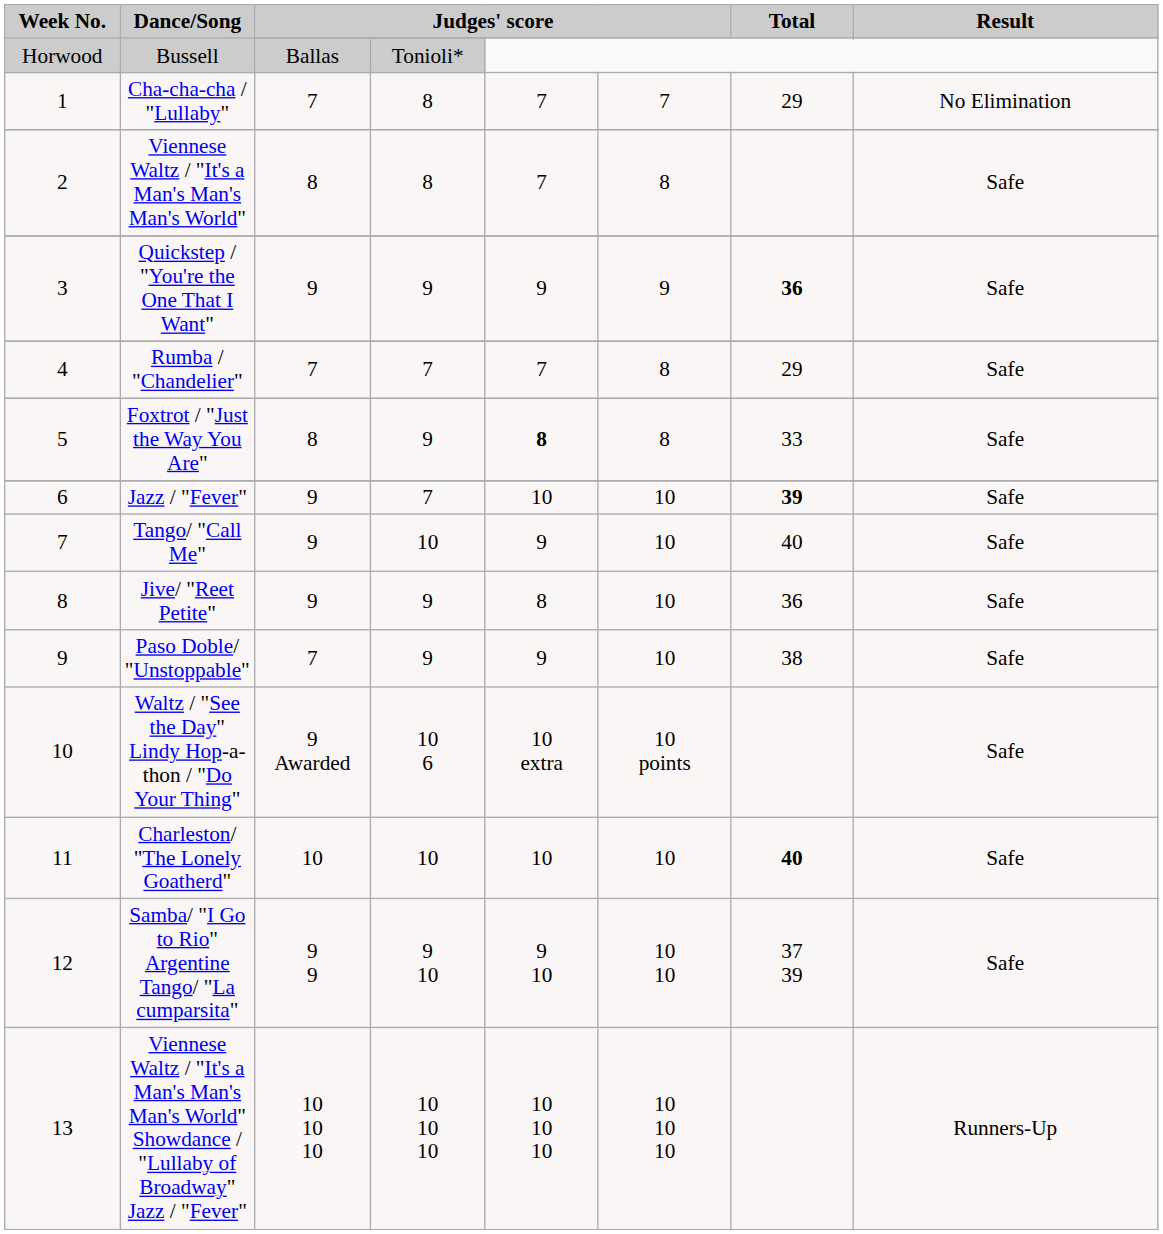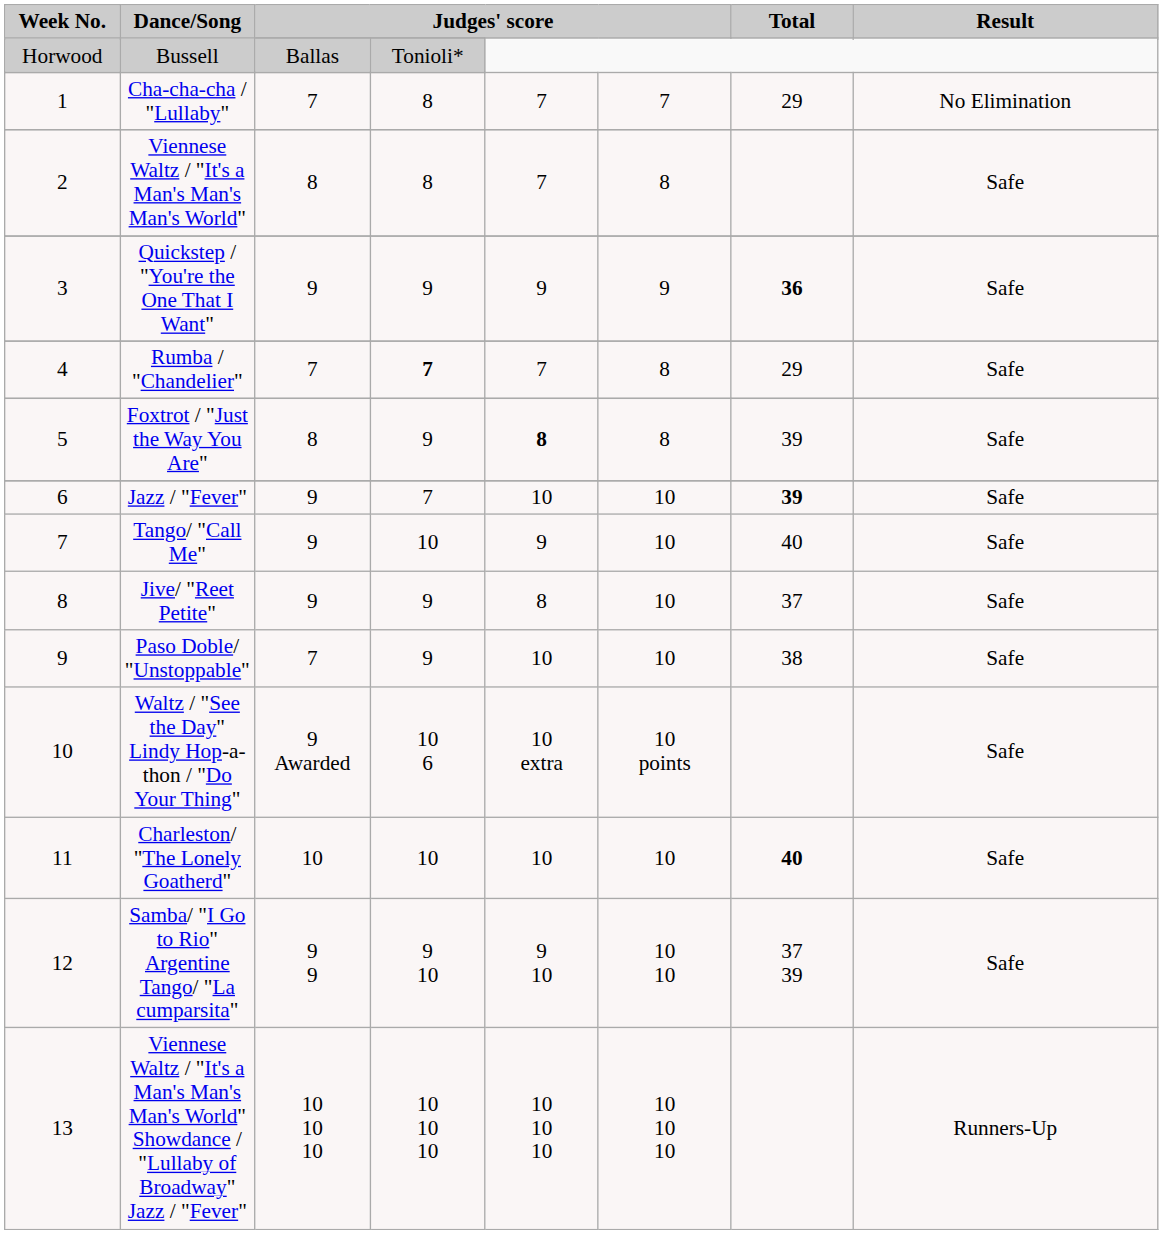 <table class="wikitable collapsible collapsed">
 <tr>
 <td rowspan="2" style="background:#CCCCCC;" align="Center"><strong>Week No.</strong></td>
 <td rowspan="2" style="background:#CCCCCC;" align="Center"><strong>Dance/Song</strong></td>
 <td colspan="4" style="background:#CCCCCC;" align="Center"><strong>Judges' score</strong></td>
 <td rowspan="2" style="background:#CCCCCC;" align="Center"><strong>Total</strong></td>
 <td rowspan="2" style="background:#CCCCCC;" align="Center"><strong>Result</strong></td>
 </tr>
 <tr>
 </tr>
 <tr>
 <td style="background:#CCCCCC;" width="10%" align="center">Horwood</td>
 <td style="background:#CCCCCC;" width="10%" align="center">Bussell</td>
 <td style="background:#CCCCCC;" width="10%" align="center">Ballas</td>
 <td style="background:#CCCCCC;" width="10%" align="center">Tonioli*</td>
 </tr>
 <tr>
 </tr>
 <tr>
 <td style="text-align:center; background:#faf6f6;">1</td>
 <td style="text-align:center; background:#faf6f6;"><a href='#'>Cha-cha-cha</a> / "<a href='#'>Lullaby</a>"</td>
 <td style="text-align:center; background:#faf6f6;">7</td>
 <td style="text-align:center; background:#faf6f6;">8</td>
 <td style="text-align:center; background:#faf6f6;">7</td>
 <td style="text-align:center; background:#faf6f6;">7</td>
 <td style="text-align:center; background:#faf6f6;">29</td>
 <td style="text-align:center; background:#faf6f6;">No Elimination</td>
 </tr>
 <tr>
 </tr>
 <tr>
 <td style="text-align:center; background:#faf6f6;">2</td>
 <td style="text-align:center; background:#faf6f6;"><a href='#'>Viennese Waltz</a> / "<a href='#'>It's a Man's Man's Man's World</a>"</td>
 <td style="text-align:center; background:#faf6f6;">8</td>
 <td style="text-align:center; background:#faf6f6;">8</td>
 <td style="text-align:center; background:#faf6f6;">7</td>
 <td style="text-align:center; background:#faf6f6;">8</td>
 <td style="text-align:center; background:#faf6f6;"></td>
 <td style="text-align:center; background:#faf6f6;">Safe</td>
 </tr>
 <tr>
 </tr>
 <tr>
 <td style="text-align:center; background:#faf6f6;">3</td>
 <td style="text-align:center; background:#faf6f6;"><a href='#'>Quickstep</a> / "<a href='#'>You're the One That I Want</a>"</td>
 <td style="text-align:center; background:#faf6f6;">9</td>
 <td style="text-align:center; background:#faf6f6;">9</td>
 <td style="text-align:center; background:#faf6f6;">9</td>
 <td style="text-align:center; background:#faf6f6;">9</td>
 <td style="text-align:center; background:#faf6f6;"><span><strong>36</strong></span></td>
 <td style="text-align:center; background:#faf6f6;">Safe</td>
 </tr>
 <tr>
 </tr>
 <tr>
 <td style="text-align:center; background:#faf6f6;">4</td>
 <td style="text-align:center; background:#faf6f6;"><a href='#'>Rumba</a> / "<a href='#'>Chandelier</a>"</td>
 <td style="text-align:center; background:#faf6f6;">7</td>
-<td style="text-align:center; background:#faf6f6;">7</td>
+<td style="text-align:center; background:#faf6f6;"><strong>7</strong></td>
 <td style="text-align:center; background:#faf6f6;">7</td>
 <td style="text-align:center; background:#faf6f6;">8</td>
 <td style="text-align:center; background:#faf6f6;">29</td>
 <td style="text-align:center; background:#faf6f6;">Safe</td>
 </tr>
 <tr>
 </tr>
 <tr>
 <td style="text-align:center; background:#faf6f6;">5</td>
 <td style="text-align:center; background:#faf6f6;"><a href='#'>Foxtrot</a> / "<a href='#'>Just the Way You Are</a>"</td>
 <td style="text-align:center; background:#faf6f6;">8</td>
 <td style="text-align:center; background:#faf6f6;">9</td>
 <td style="text-align:center; background:#faf6f6;"><strong>8</strong></td>
 <td style="text-align:center; background:#faf6f6;">8</td>
-<td style="text-align:center; background:#faf6f6;">33</td>
+<td style="text-align:center; background:#faf6f6;">39</td>
 <td style="text-align:center; background:#faf6f6;">Safe</td>
 </tr>
 <tr>
 </tr>
 <tr>
 <td style="text-align:center; background:#faf6f6;">6</td>
 <td style="text-align:center; background:#faf6f6;"><a href='#'>Jazz</a> / "<a href='#'>Fever</a>"</td>
 <td style="text-align:center; background:#faf6f6;">9</td>
 <td style="text-align:center; background:#faf6f6;">7</td>
 <td style="text-align:center; background:#faf6f6;">10</td>
 <td style="text-align:center; background:#faf6f6;">10</td>
 <td style="text-align:center; background:#faf6f6;"><span><strong>39</strong></span></td>
 <td style="text-align:center; background:#faf6f6;">Safe</td>
 </tr>
 <tr>
 <td style="text-align:center; background:#faf6f6;">7</td>
 <td style="text-align:center; background:#faf6f6;"><a href='#'>Tango</a>/ "<a href='#'>Call Me</a>"</td>
 <td style="text-align:center; background:#faf6f6;">9</td>
 <td style="text-align:center; background:#faf6f6;">10</td>
 <td style="text-align:center; background:#faf6f6;">9</td>
 <td style="text-align:center; background:#faf6f6;">10</td>
 <td style="text-align:center; background:#faf6f6;">40</td>
 <td style="text-align:center; background:#faf6f6;">Safe</td>
 </tr>
 <tr>
 <td style="text-align:center; background:#faf6f6;">8</td>
 <td style="text-align:center; background:#faf6f6;"><a href='#'>Jive</a>/ "<a href='#'>Reet Petite</a>"</td>
 <td style="text-align:center; background:#faf6f6;">9</td>
 <td style="text-align:center; background:#faf6f6;">9</td>
 <td style="text-align:center; background:#faf6f6;">8</td>
 <td style="text-align:center; background:#faf6f6;">10</td>
-<td style="text-align:center; background:#faf6f6;">36</td>
+<td style="text-align:center; background:#faf6f6;">37</td>
 <td style="text-align:center; background:#faf6f6;">Safe</td>
 </tr>
 <tr>
 <td style="text-align:center; background:#faf6f6;">9</td>
 <td style="text-align:center; background:#faf6f6;"><a href='#'>Paso Doble</a>/ "<a href='#'>Unstoppable</a>"</td>
 <td style="text-align:center; background:#faf6f6;">7</td>
 <td style="text-align:center; background:#faf6f6;">9</td>
-<td style="text-align:center; background:#faf6f6;">9</td>
+<td style="text-align:center; background:#faf6f6;">10</td>
 <td style="text-align:center; background:#faf6f6;">10</td>
 <td style="text-align:center; background:#faf6f6;">38</td>
 <td style="text-align:center; background:#faf6f6;">Safe</td>
 </tr>
 <tr style="text-align:center; |">
 <td style="text-align:center; background:#faf6f6;">10</td>
 <td style="text-align:center; background:#faf6f6;"><a href='#'>Waltz</a> / "<a href='#'>See the Day</a>"<br><a href='#'>Lindy Hop</a>-a-thon / "<a href='#'>Do Your Thing</a>"</td>
 <td style="text-align:center; background:#faf6f6;">9<br>Awarded</td>
 <td style="text-align:center; background:#faf6f6;">10<br>6</td>
 <td style="text-align:center; background:#faf6f6;">10<br>extra</td>
 <td style="text-align:center; background:#faf6f6;">10<br>points</td>
 <td style="text-align:center; background:#faf6f6;"><br></td>
 <td style="text-align:center; background:#faf6f6;">Safe</td>
 </tr>
 <tr>
 <td style="text-align:center; background:#faf6f6;">11</td>
 <td style="text-align:center; background:#faf6f6;"><a href='#'>Charleston</a>/ "<a href='#'>The Lonely Goatherd</a>"</td>
 <td style="text-align:center; background:#faf6f6;">10</td>
 <td style="text-align:center; background:#faf6f6;">10</td>
 <td style="text-align:center; background:#faf6f6;">10</td>
 <td style="text-align:center; background:#faf6f6;">10</td>
 <td style="text-align:center; background:#faf6f6;"><span><strong>40</strong></span></td>
 <td style="text-align:center; background:#faf6f6;">Safe</td>
 </tr>
 <tr>
 <td style="text-align:center; background:#faf6f6;">12</td>
 <td style="text-align:center; background:#faf6f6;"><a href='#'>Samba</a>/ "<a href='#'>I Go to Rio</a>"<br><a href='#'>Argentine Tango</a>/ "<a href='#'>La cumparsita</a>"</td>
 <td style="text-align:center; background:#faf6f6;">9<br>9</td>
 <td style="text-align:center; background:#faf6f6;">9<br>10</td>
 <td style="text-align:center; background:#faf6f6;">9<br>10</td>
 <td style="text-align:center; background:#faf6f6;">10<br>10</td>
 <td style="text-align:center; background:#faf6f6;">37<br>39</td>
 <td style="text-align:center; background:#faf6f6;">Safe</td>
 </tr>
 <tr>
 <td style="text-align:center; background:#faf6f6;">13</td>
 <td style="text-align:center; background:#faf6f6;"><a href='#'>Viennese Waltz</a> / "<a href='#'>It's a Man's Man's Man's World</a>"<br><a href='#'>Showdance</a> / "<a href='#'>Lullaby of Broadway</a>"<br><a href='#'>Jazz</a> / "<a href='#'>Fever</a>"</td>
 <td style="text-align:center; background:#faf6f6;">10<br>10<br>10</td>
 <td style="text-align:center; background:#faf6f6;">10<br>10<br>10</td>
 <td style="text-align:center; background:#faf6f6;">10<br>10<br>10</td>
 <td style="text-align:center; background:#faf6f6;">10<br>10<br>10</td>
 <td style="text-align:center; background:#faf6f6;"><br><br></td>
 <td style="text-align:center; background:#faf6f6;" rowspan="3">Runners-Up</td>
 </tr>
 </table>
